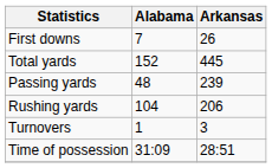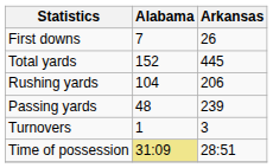 <table class="wikitable" style="float: left;">
 <tr>
 <th>Statistics</th>
 <th>Alabama</th>
 <th>Arkansas</th>
 </tr>
 <tr>
 <td>First downs</td>
 <td>7</td>
 <td>26</td>
 </tr>
 <tr>
 <td>Total yards</td>
 <td>152</td>
 <td>445</td>
 </tr>
 <tr>
+<td>Rushing yards</td>
+<td>104</td>
+<td>206</td>
+</tr>
+<tr>
 <td>Passing yards</td>
 <td>48</td>
 <td>239</td>
-</tr>
-<tr>
-<td>Rushing yards</td>
-<td>104</td>
-<td>206</td>
 </tr>
 <tr>
 <td>Turnovers</td>
 <td>1</td>
 <td>3</td>
 </tr>
 <tr>
 <td>Time of possession</td>
-<td>31:09</td>
+<td style="background: khaki;">31:09</td>
 <td>28:51</td>
 </tr>
 <tr>
 </tr>
 </table>
